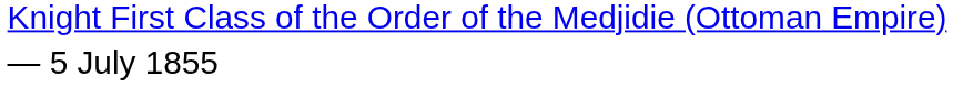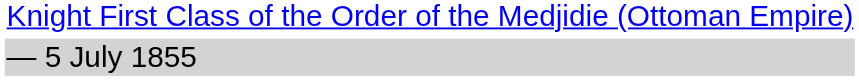 <table>
 <tr>
 <td rowspan=2 style="width:60px; vertical-align:top;"></td>
 <td><a href='#'>Knight First Class of the Order of the Medjidie (Ottoman Empire)</a></td>
 </tr>
 <tr>
-<td>— 5 July 1855</td>
+<td style="background: lightgrey;">— 5 July 1855</td>
 </tr>
 </table>
